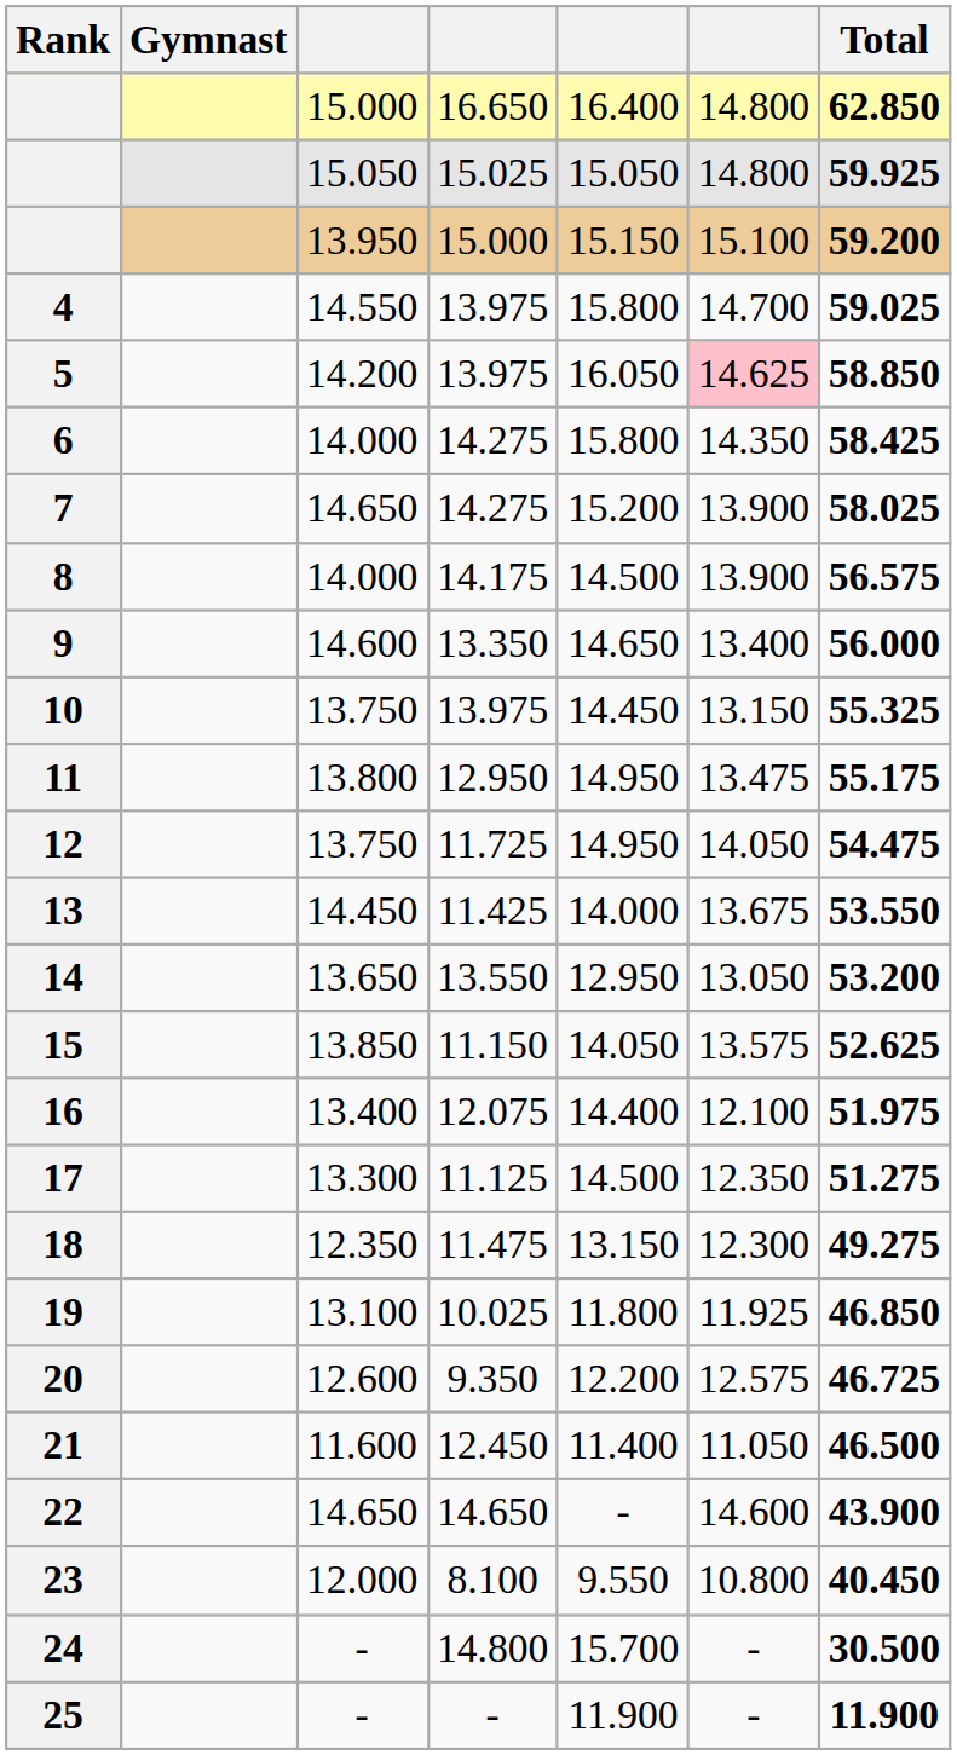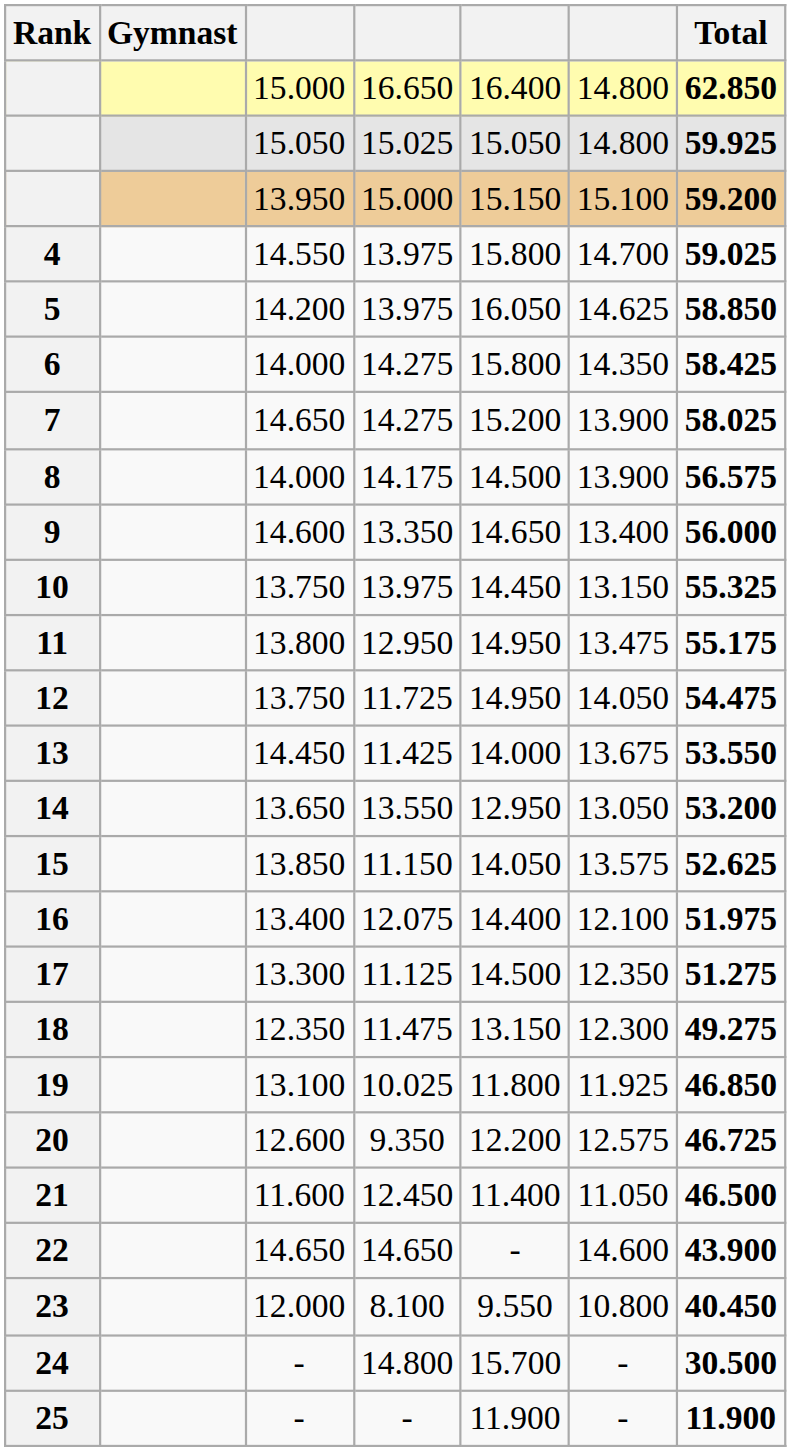 <table class="wikitable sortable" style="text-align:center; font-size:95%">
 <tr>
 <th>Rank</th>
 <th>Gymnast</th>
 <th></th>
 <th></th>
 <th></th>
 <th></th>
 <th>Total</th>
 </tr>
 <tr bgcolor=fffcaf>
 <th scope=row style="text-align:center"></th>
 <td align=left></td>
 <td>15.000</td>
 <td>16.650</td>
 <td>16.400</td>
 <td>14.800</td>
 <td><strong>62.850</strong></td>
 </tr>
 <tr bgcolor=e5e5e5>
 <th scope=row style="text-align:center"></th>
 <td align=left></td>
 <td>15.050</td>
 <td>15.025</td>
 <td>15.050</td>
 <td>14.800</td>
 <td><strong>59.925</strong></td>
 </tr>
 <tr bgcolor=eecc99>
 <th scope=row style="text-align:center"></th>
 <td align=left></td>
 <td>13.950</td>
 <td>15.000</td>
 <td>15.150</td>
 <td>15.100</td>
 <td><strong>59.200</strong></td>
 </tr>
 <tr>
 <th scope=row style="text-align:center">4</th>
 <td align=left></td>
 <td>14.550</td>
 <td>13.975</td>
 <td>15.800</td>
 <td>14.700</td>
 <td><strong>59.025</strong></td>
 </tr>
 <tr>
 <th scope=row style="text-align:center">5</th>
 <td align=left></td>
 <td>14.200</td>
 <td>13.975</td>
 <td>16.050</td>
-<td style="background: pink;">14.625</td>
+<td>14.625</td>
 <td><strong>58.850</strong></td>
 </tr>
 <tr>
 <th scope=row style="text-align:center">6</th>
 <td align=left></td>
 <td>14.000</td>
 <td>14.275</td>
 <td>15.800</td>
 <td>14.350</td>
 <td><strong>58.425</strong></td>
 </tr>
 <tr>
 <th scope=row style="text-align:center">7</th>
 <td align=left></td>
 <td>14.650</td>
 <td>14.275</td>
 <td>15.200</td>
 <td>13.900</td>
 <td><strong>58.025</strong></td>
 </tr>
 <tr>
 <th scope=row style="text-align:center">8</th>
 <td align=left></td>
 <td>14.000</td>
 <td>14.175</td>
 <td>14.500</td>
 <td>13.900</td>
 <td><strong>56.575</strong></td>
 </tr>
 <tr>
 <th scope=row style="text-align:center">9</th>
 <td align=left></td>
 <td>14.600</td>
 <td>13.350</td>
 <td>14.650</td>
 <td>13.400</td>
 <td><strong>56.000</strong></td>
 </tr>
 <tr>
 <th scope=row style="text-align:center">10</th>
 <td align=left></td>
 <td>13.750</td>
 <td>13.975</td>
 <td>14.450</td>
 <td>13.150</td>
 <td><strong>55.325</strong></td>
 </tr>
 <tr>
 <th scope=row style="text-align:center">11</th>
 <td align=left></td>
 <td>13.800</td>
 <td>12.950</td>
 <td>14.950</td>
 <td>13.475</td>
 <td><strong>55.175</strong></td>
 </tr>
 <tr>
 <th scope=row style="text-align:center">12</th>
 <td align=left></td>
 <td>13.750</td>
 <td>11.725</td>
 <td>14.950</td>
 <td>14.050</td>
 <td><strong>54.475</strong></td>
 </tr>
 <tr>
 <th scope=row style="text-align:center">13</th>
 <td align=left></td>
 <td>14.450</td>
 <td>11.425</td>
 <td>14.000</td>
 <td>13.675</td>
 <td><strong>53.550</strong></td>
 </tr>
 <tr>
 <th scope=row style="text-align:center">14</th>
 <td align=left></td>
 <td>13.650</td>
 <td>13.550</td>
 <td>12.950</td>
 <td>13.050</td>
 <td><strong>53.200</strong></td>
 </tr>
 <tr>
 <th scope=row style="text-align:center">15</th>
 <td align=left></td>
 <td>13.850</td>
 <td>11.150</td>
 <td>14.050</td>
 <td>13.575</td>
 <td><strong>52.625</strong></td>
 </tr>
 <tr>
 <th scope=row style="text-align:center">16</th>
 <td align=left></td>
 <td>13.400</td>
 <td>12.075</td>
 <td>14.400</td>
 <td>12.100</td>
 <td><strong>51.975</strong></td>
 </tr>
 <tr>
 <th scope=row style="text-align:center">17</th>
 <td align=left></td>
 <td>13.300</td>
 <td>11.125</td>
 <td>14.500</td>
 <td>12.350</td>
 <td><strong>51.275</strong></td>
 </tr>
 <tr>
 <th scope=row style="text-align:center">18</th>
 <td align=left></td>
 <td>12.350</td>
 <td>11.475</td>
 <td>13.150</td>
 <td>12.300</td>
 <td><strong>49.275</strong></td>
 </tr>
 <tr>
 <th scope=row style="text-align:center">19</th>
 <td align=left></td>
 <td>13.100</td>
 <td>10.025</td>
 <td>11.800</td>
 <td>11.925</td>
 <td><strong>46.850</strong></td>
 </tr>
 <tr>
 <th scope=row style="text-align:center">20</th>
 <td align=left></td>
 <td>12.600</td>
 <td>9.350</td>
 <td>12.200</td>
 <td>12.575</td>
 <td><strong>46.725</strong></td>
 </tr>
 <tr>
 <th scope=row style="text-align:center">21</th>
 <td align=left></td>
 <td>11.600</td>
 <td>12.450</td>
 <td>11.400</td>
 <td>11.050</td>
 <td><strong>46.500</strong></td>
 </tr>
 <tr>
 <th scope=row style="text-align:center">22</th>
 <td align=left></td>
 <td>14.650</td>
 <td>14.650</td>
 <td>-</td>
 <td>14.600</td>
 <td><strong>43.900</strong></td>
 </tr>
 <tr>
 <th scope=row style="text-align:center">23</th>
 <td align=left></td>
 <td>12.000</td>
 <td>8.100</td>
 <td>9.550</td>
 <td>10.800</td>
 <td><strong>40.450</strong></td>
 </tr>
 <tr>
 <th scope=row style="text-align:center">24</th>
 <td align=left></td>
 <td>-</td>
 <td>14.800</td>
 <td>15.700</td>
 <td>-</td>
 <td><strong>30.500</strong></td>
 </tr>
 <tr>
 <th scope=row style="text-align:center">25</th>
 <td align=left></td>
 <td>-</td>
 <td>-</td>
 <td>11.900</td>
 <td>-</td>
 <td><strong>11.900</strong></td>
 </tr>
 <tr>
 </tr>
 </table>
